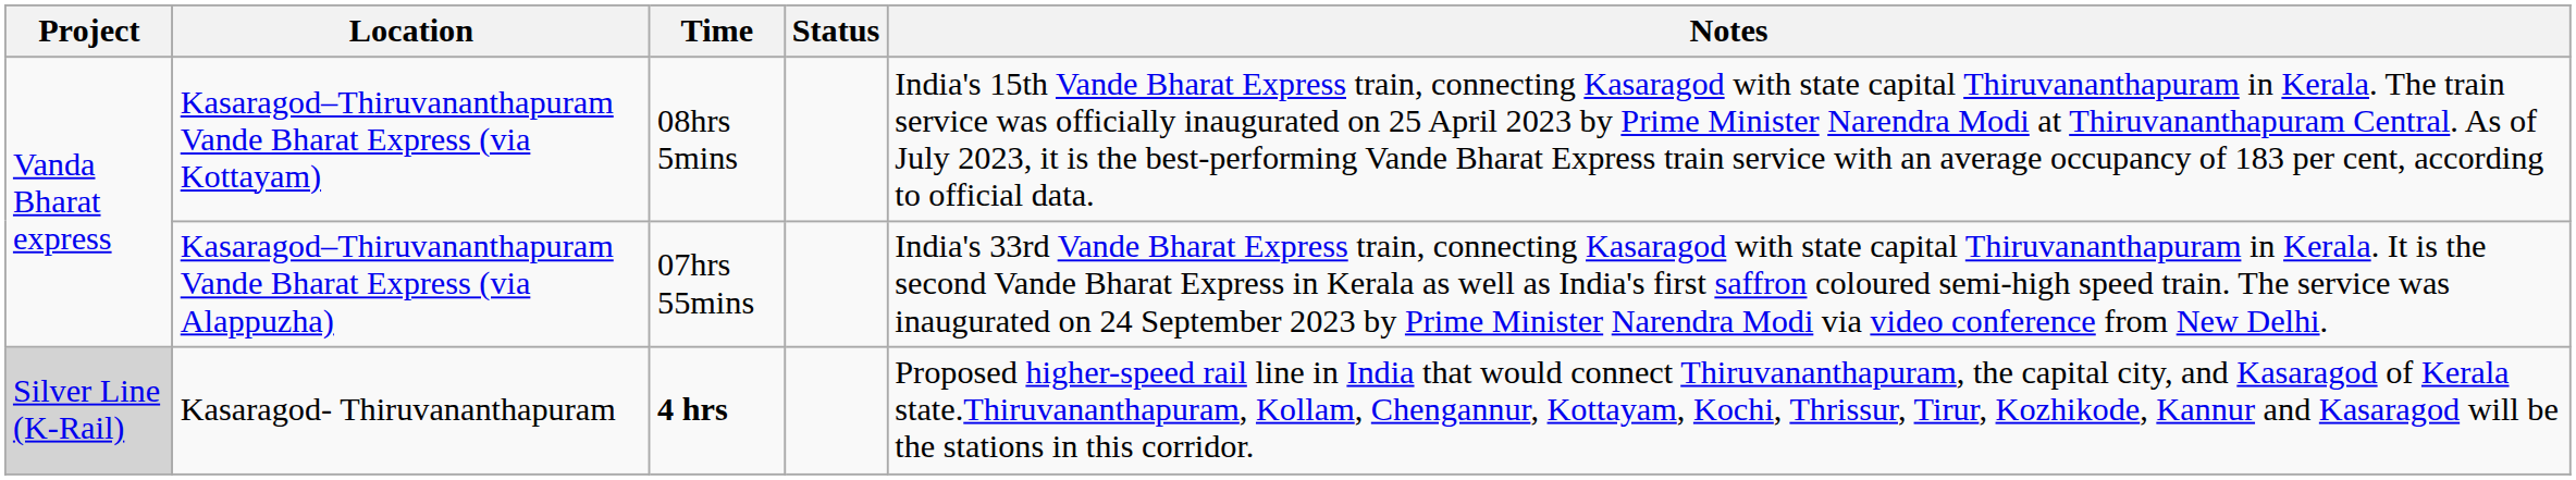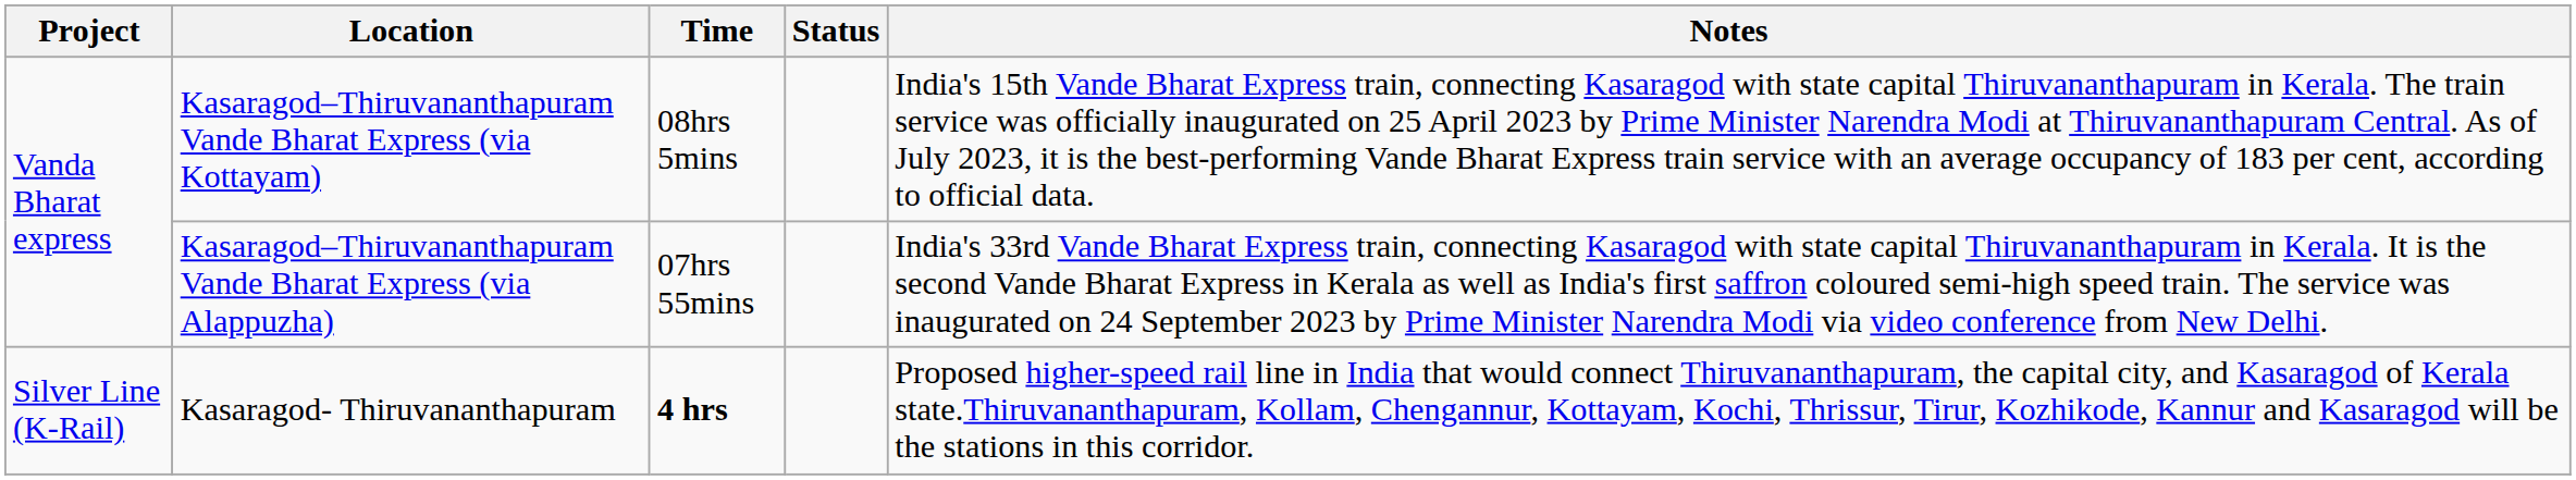 <table class="wikitable">
 <tr>
 <th>Project</th>
 <th>Location</th>
 <th>Time</th>
 <th>Status</th>
 <th>Notes</th>
 </tr>
 <tr>
 <td rowspan="2"><a href='#'>Vanda Bharat express</a></td>
 <td><a href='#'>Kasaragod–Thiruvananthapuram Vande Bharat Express (via Kottayam)</a></td>
 <td 08hrs 05mins>08hrs 5mins</td>
 <td></td>
 <td>India's 15th <a href='#'>Vande Bharat Express</a> train, connecting <a href='#'>Kasaragod</a> with state capital <a href='#'>Thiruvananthapuram</a> in <a href='#'>Kerala</a>. The train service was officially inaugurated on 25 April 2023 by <a href='#'>Prime Minister</a> <a href='#'>Narendra Modi</a> at <a href='#'>Thiruvananthapuram Central</a>. As of July 2023, it is the best-performing Vande Bharat Express train service with an average occupancy of 183 per cent, according to official data.</td>
 </tr>
 <tr>
 <td><a href='#'>Kasaragod–Thiruvananthapuram Vande Bharat Express (via Alappuzha)</a></td>
 <td>07hrs 55mins</td>
 <td></td>
 <td>India's 33rd <a href='#'>Vande Bharat Express</a> train, connecting <a href='#'>Kasaragod</a> with state capital <a href='#'>Thiruvananthapuram</a> in <a href='#'>Kerala</a>. It is the second Vande Bharat Express in Kerala as well as India's first <a href='#'>saffron</a> coloured semi-high speed train. The service was inaugurated on 24 September 2023 by <a href='#'>Prime Minister</a> <a href='#'>Narendra Modi</a> via <a href='#'>video conference</a> from <a href='#'>New Delhi</a>.</td>
 </tr>
 <tr>
-<td style="background: lightgrey;"><a href='#'>Silver Line (K-Rail)</a></td>
+<td><a href='#'>Silver Line (K-Rail)</a></td>
 <td>Kasaragod- Thiruvananthapuram</td>
 <td><strong>4 hrs</strong></td>
 <td></td>
 <td>Proposed <a href='#'>higher-speed rail</a> line in <a href='#'>India</a> that would connect <a href='#'>Thiruvananthapuram</a>, the capital city, and <a href='#'>Kasaragod</a> of <a href='#'>Kerala</a> state.<a href='#'>Thiruvananthapuram</a>, <a href='#'>Kollam</a>, <a href='#'>Chengannur</a>, <a href='#'>Kottayam</a>, <a href='#'>Kochi</a>, <a href='#'>Thrissur</a>, <a href='#'>Tirur</a>, <a href='#'>Kozhikode</a>, <a href='#'>Kannur</a> and <a href='#'>Kasaragod</a> will be the stations in this corridor.</td>
 </tr>
 </table>
